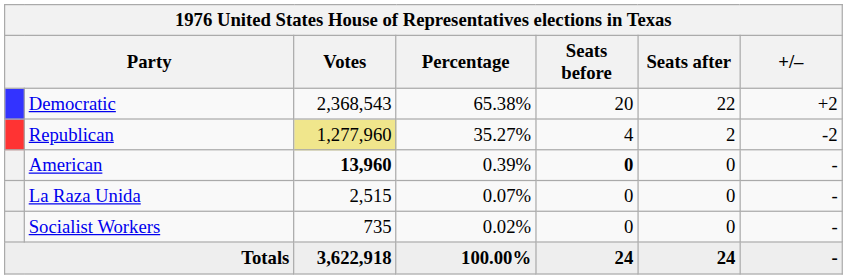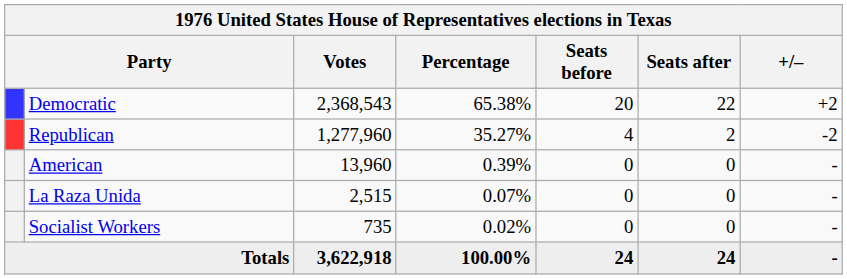 <table class="wikitable" style="font-size: 95%;">
 <tr>
 <th colspan="7">1976 United States House of Representatives elections in Texas</th>
 </tr>
 <tr>
 <th colspan="2" style="width: 15em">Party</th>
 <th style="width: 5em">Votes</th>
 <th style="width: 7em">Percentage</th>
 <th style="width: 5em">Seats before</th>
 <th style="width: 5em">Seats after</th>
 <th style="width: 5em">+/–</th>
 </tr>
 <tr>
 <th style="background-color:#3333FF; width: 3px"></th>
 <td style="width: 130px"><a href='#'>Democratic</a></td>
 <td align="right">2,368,543</td>
 <td align="right">65.38%</td>
 <td align="right">20</td>
 <td align="right">22</td>
 <td align="right">+2</td>
 </tr>
 <tr>
 <th style="background-color:#FF3333; width: 3px"></th>
 <td style="width: 130px"><a href='#'>Republican</a></td>
-<td align="right" style="background: khaki;">1,277,960</td>
+<td align="right">1,277,960</td>
 <td align="right">35.27%</td>
 <td align="right">4</td>
 <td align="right">2</td>
 <td align="right">-2</td>
 </tr>
 <tr>
 <th style="background-color:"></th>
 <td style="width: 130px"><a href='#'>American</a></td>
-<td align="right"><strong>13,960</strong></td>
+<td align="right">13,960</td>
 <td align="right">0.39%</td>
-<td align="right"><strong>0</strong></td>
+<td align="right">0</td>
 <td align="right">0</td>
 <td align="right">-</td>
 </tr>
 <tr>
 <th style="background-color:"></th>
 <td style="width: 130px"><a href='#'>La Raza Unida</a></td>
 <td align="right">2,515</td>
 <td align="right">0.07%</td>
 <td align="right">0</td>
 <td align="right">0</td>
 <td align="right">-</td>
 </tr>
 <tr>
 <th style="background-color:"></th>
 <td style="width: 130px"><a href='#'>Socialist Workers</a></td>
 <td align="right">735</td>
 <td align="right">0.02%</td>
 <td align="right">0</td>
 <td align="right">0</td>
 <td align="right">-</td>
 </tr>
 <tr bgcolor="#EEEEEE">
 <td colspan="2" align="right"><strong>Totals</strong></td>
 <td align="right"><strong>3,622,918</strong></td>
 <td align="right"><strong>100.00%</strong></td>
 <td align="right"><strong>24</strong></td>
 <td align="right"><strong>24</strong></td>
 <td align="right"><strong>-</strong></td>
 </tr>
 </table>
